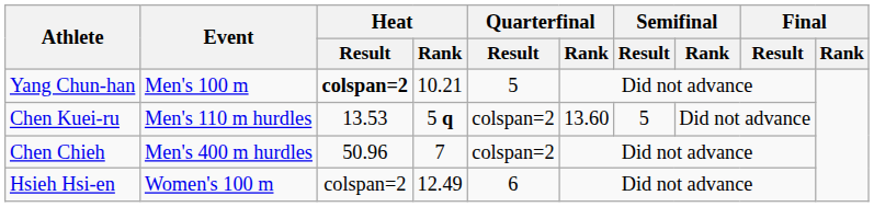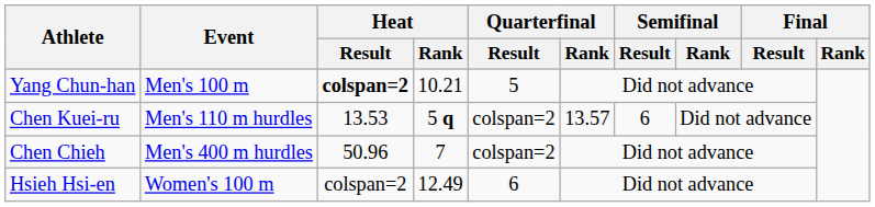 <table class="wikitable" style="font-size:90%; text-align:center">
 <tr>
 <th rowspan="2">Athlete</th>
 <th rowspan="2">Event</th>
 <th colspan="2">Heat</th>
 <th colspan="2">Quarterfinal</th>
 <th colspan="2">Semifinal</th>
 <th colspan="2">Final</th>
 </tr>
 <tr style="font-size:95%">
 <th>Result</th>
 <th>Rank</th>
 <th>Result</th>
 <th>Rank</th>
 <th>Result</th>
 <th>Rank</th>
 <th>Result</th>
 <th>Rank</th>
 </tr>
 <tr>
 <td align="left"><a href='#'>Yang Chun-han</a></td>
 <td align="left"><a href='#'>Men's 100 m</a></td>
 <td><strong>colspan=2 </strong></td>
 <td>10.21</td>
 <td>5</td>
 <td colspan="4">Did not advance</td>
 </tr>
 <tr>
 <td align="left"><a href='#'>Chen Kuei-ru</a></td>
 <td align="left"><a href='#'>Men's 110 m hurdles</a></td>
 <td>13.53</td>
 <td>5 <strong>q</strong></td>
 <td>colspan=2 </td>
-<td>13.60</td>
-<td>5</td>
+<td>13.57</td>
+<td>6</td>
 <td colspan="2">Did not advance</td>
 </tr>
 <tr>
 <td align="left"><a href='#'>Chen Chieh</a></td>
 <td align="left"><a href='#'>Men's 400 m hurdles</a></td>
 <td>50.96</td>
 <td>7</td>
 <td>colspan=2 </td>
 <td colspan="4">Did not advance</td>
 </tr>
 <tr>
 <td align="left"><a href='#'>Hsieh Hsi-en</a></td>
 <td align="left"><a href='#'>Women's 100 m</a></td>
 <td>colspan=2 </td>
 <td>12.49</td>
 <td>6</td>
 <td colspan="4">Did not advance</td>
 </tr>
 </table>
